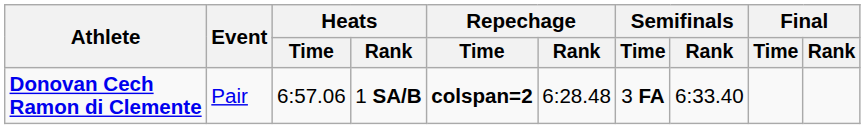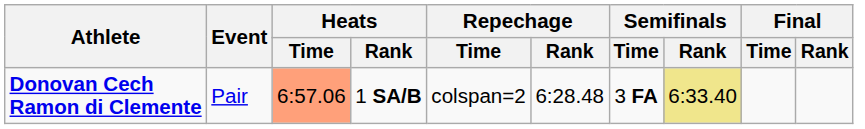 <table class="wikitable" style="font-size:90%;">
 <tr>
 <th rowspan="2">Athlete</th>
 <th rowspan="2">Event</th>
 <th colspan="2">Heats</th>
 <th colspan="2">Repechage</th>
 <th colspan="2">Semifinals</th>
 <th colspan="2">Final</th>
 </tr>
 <tr style="font-size:95%">
 <th>Time</th>
 <th>Rank</th>
 <th>Time</th>
 <th>Rank</th>
 <th>Time</th>
 <th>Rank</th>
 <th>Time</th>
 <th>Rank</th>
 </tr>
 <tr align=center>
 <td align=left><strong><a href='#'>Donovan Cech</a><br><a href='#'>Ramon di Clemente</a></strong></td>
 <td align=left><a href='#'>Pair</a></td>
-<td>6:57.06</td>
+<td style="background: lightsalmon;">6:57.06</td>
 <td>1 <strong>SA/B</strong></td>
-<td><strong>colspan=2 </strong></td>
+<td>colspan=2 </td>
 <td>6:28.48</td>
 <td>3 <strong>FA</strong></td>
-<td>6:33.40</td>
+<td style="background: khaki;">6:33.40</td>
 <td></td>
 </tr>
 </table>
